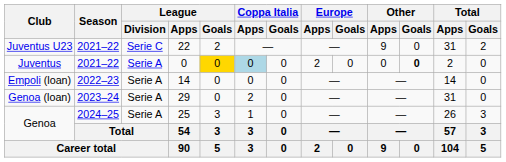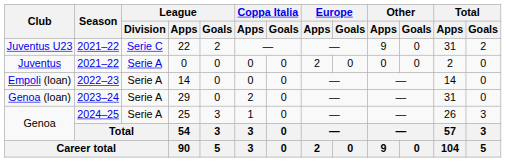 <table class="wikitable" style="text-align:center">
 <tr>
 <th rowspan="2">Club</th>
 <th rowspan="2">Season</th>
 <th colspan="3">League</th>
 <th colspan="2"><a href='#'>Coppa Italia</a></th>
 <th colspan="2"><a href='#'>Europe</a></th>
 <th colspan="2">Other</th>
 <th colspan="2">Total</th>
 </tr>
 <tr>
 <th>Division</th>
 <th>Apps</th>
 <th>Goals</th>
 <th>Apps</th>
 <th>Goals</th>
 <th>Apps</th>
 <th>Goals</th>
 <th>Apps</th>
 <th>Goals</th>
 <th>Apps</th>
 <th>Goals</th>
 </tr>
 <tr>
 <td><a href='#'>Juventus U23</a></td>
 <td><a href='#'>2021–22</a></td>
 <td><a href='#'>Serie C</a></td>
 <td>22</td>
 <td>2</td>
 <td colspan="2">—</td>
 <td colspan="2">—</td>
 <td>9</td>
 <td>0</td>
 <td>31</td>
 <td>2</td>
 </tr>
 <tr>
 <td><a href='#'>Juventus</a></td>
 <td><a href='#'>2021–22</a></td>
 <td><a href='#'>Serie A</a></td>
 <td>0</td>
-<td style="background: gold;">0</td>
-<td style="background: lightblue;">0</td>
+<td>0</td>
+<td>0</td>
 <td>0</td>
 <td>2</td>
 <td>0</td>
 <td>0</td>
-<td><strong>0</strong></td>
+<td>0</td>
 <td>2</td>
 <td>0</td>
 </tr>
 <tr>
 <td><a href='#'>Empoli</a> (loan)</td>
 <td><a href='#'>2022–23</a></td>
 <td>Serie A</td>
 <td>14</td>
 <td>0</td>
 <td>0</td>
 <td>0</td>
 <td colspan="2">—</td>
 <td colspan="2">—</td>
 <td>14</td>
 <td>0</td>
 </tr>
 <tr>
 <td><a href='#'>Genoa</a>  (loan)</td>
 <td><a href='#'>2023–24</a></td>
 <td>Serie A</td>
 <td>29</td>
 <td>0</td>
 <td>2</td>
 <td>0</td>
 <td colspan="2">—</td>
 <td colspan="2">—</td>
 <td>31</td>
 <td>0</td>
 </tr>
 <tr>
 <td rowspan="2">Genoa</td>
 <td><a href='#'>2024–25</a></td>
 <td>Serie A</td>
 <td>25</td>
 <td>3</td>
 <td>1</td>
 <td>0</td>
 <td colspan="2">—</td>
 <td colspan="2">—</td>
 <td>26</td>
 <td>3</td>
 </tr>
 <tr>
 <th colspan="2">Total</th>
 <th>54</th>
 <th>3</th>
 <th>3</th>
 <th>0</th>
 <th colspan="2">—</th>
 <th colspan="2">—</th>
 <th>57</th>
 <th>3</th>
 </tr>
 <tr>
 <th colspan="3">Career total</th>
 <th>90</th>
 <th>5</th>
 <th>3</th>
 <th>0</th>
 <th>2</th>
 <th>0</th>
 <th>9</th>
 <th>0</th>
 <th>104</th>
 <th>5</th>
 </tr>
 </table>
